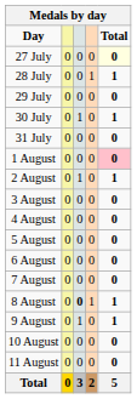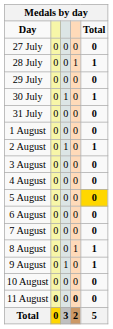 <table class="wikitable" style="font-size:85%">
 <tr style="background:#efefef;">
 <th colspan=7><strong>Medals by day</strong></th>
 </tr>
 <tr align=center>
 <td><strong>Day</strong></td>
 <td bgcolor=#f7f6a8></td>
 <td bgcolor=#dce5e5></td>
 <td bgcolor=#ffdab9></td>
 <td><strong>Total</strong></td>
 </tr>
 <tr align=center>
 <td>27 July</td>
 <td style="background:#F7F6A8;">0</td>
 <td style="background:#DCE5E5;">0</td>
 <td style="background:#FFDAB9;">0</td>
-<td style="background: lightyellow;"><strong>0</strong></td>
+<td><strong>0</strong></td>
 </tr>
 <tr align=center>
 <td>28 July</td>
 <td style="background:#F7F6A8;">0</td>
 <td style="background:#DCE5E5;">0</td>
 <td style="background:#FFDAB9;">1</td>
 <td><strong>1</strong></td>
 </tr>
 <tr align=center>
 <td>29 July</td>
 <td style="background:#F7F6A8;">0</td>
 <td style="background:#DCE5E5;">0</td>
 <td style="background:#FFDAB9;">0</td>
 <td><strong>0</strong></td>
 </tr>
 <tr align=center>
 <td>30 July</td>
 <td style="background:#F7F6A8;">0</td>
 <td style="background:#DCE5E5;">1</td>
 <td style="background:#FFDAB9;">0</td>
 <td><strong>1</strong></td>
 </tr>
 <tr align=center>
 <td>31 July</td>
 <td style="background:#F7F6A8;">0</td>
 <td style="background:#DCE5E5;">0</td>
 <td style="background:#FFDAB9;">0</td>
 <td><strong>0</strong></td>
 </tr>
 <tr align=center>
 <td>1 August</td>
 <td style="background:#F7F6A8;">0</td>
 <td style="background:#DCE5E5;">0</td>
 <td style="background:#FFDAB9;">0</td>
-<td style="background: pink;"><strong>0</strong></td>
+<td><strong>0</strong></td>
 </tr>
 <tr align=center>
 <td>2 August</td>
 <td style="background:#F7F6A8;">0</td>
 <td style="background:#DCE5E5;">1</td>
 <td style="background:#FFDAB9;">0</td>
 <td><strong>1</strong></td>
 </tr>
 <tr align=center>
 <td>3 August</td>
 <td style="background:#F7F6A8;">0</td>
 <td style="background:#DCE5E5;">0</td>
 <td style="background:#FFDAB9;">0</td>
 <td><strong>0</strong></td>
 </tr>
 <tr align=center>
 <td>4 August</td>
 <td style="background:#F7F6A8;">0</td>
 <td style="background:#DCE5E5;">0</td>
 <td style="background:#FFDAB9;">0</td>
 <td><strong>0</strong></td>
 </tr>
 <tr align=center>
 <td>5 August</td>
 <td style="background:#F7F6A8;">0</td>
 <td style="background:#DCE5E5;">0</td>
 <td style="background:#FFDAB9;">0</td>
-<td><strong>0</strong></td>
+<td style="background: gold;"><strong>0</strong></td>
 </tr>
 <tr align=center>
 <td>6 August</td>
 <td style="background:#F7F6A8;">0</td>
 <td style="background:#DCE5E5;">0</td>
 <td style="background:#FFDAB9;">0</td>
 <td><strong>0</strong></td>
 </tr>
 <tr align=center>
 <td>7 August</td>
 <td style="background:#F7F6A8;">0</td>
 <td style="background:#DCE5E5;">0</td>
 <td style="background:#FFDAB9;">0</td>
 <td><strong>0</strong></td>
 </tr>
 <tr align=center>
 <td>8 August</td>
 <td style="background:#F7F6A8;">0</td>
-<td style="background:#DCE5E5;"><strong>0</strong></td>
+<td style="background:#DCE5E5;">0</td>
 <td style="background:#FFDAB9;">1</td>
 <td><strong>1</strong></td>
 </tr>
 <tr align=center>
 <td>9 August</td>
 <td style="background:#F7F6A8;">0</td>
 <td style="background:#DCE5E5;">1</td>
 <td style="background:#FFDAB9;">0</td>
 <td><strong>1</strong></td>
 </tr>
 <tr align=center>
 <td>10 August</td>
 <td style="background:#F7F6A8;">0</td>
 <td style="background:#DCE5E5;">0</td>
 <td style="background:#FFDAB9;">0</td>
 <td><strong>0</strong></td>
 </tr>
 <tr align=center>
 <td>11 August</td>
-<td style="background:#F7F6A8;">0</td>
+<td style="background:#F7F6A8;"><strong>0</strong></td>
 <td style="background:#DCE5E5;">0</td>
-<td style="background:#FFDAB9;">0</td>
+<td style="background:#FFDAB9;"><strong>0</strong></td>
 <td><strong>0</strong></td>
 </tr>
 <tr align=center>
 <th><strong>Total</strong></th>
 <th style="background:gold;"><strong>0</strong></th>
 <th style="background:silver;"><strong>3</strong></th>
 <th style="background:#c96;"><strong>2</strong></th>
 <th><strong>5</strong></th>
 </tr>
 </table>
